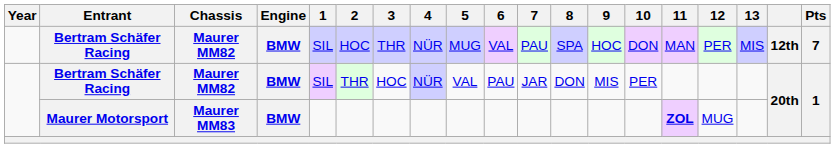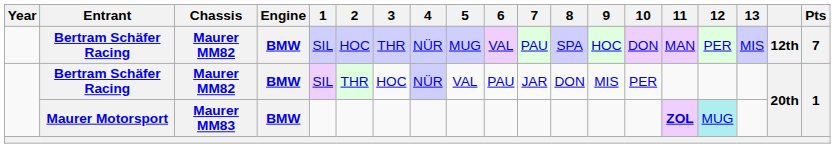 <table class="wikitable" style="text-align:center; font-size:90%">
 <tr>
 <th>Year</th>
 <th>Entrant</th>
 <th>Chassis</th>
 <th>Engine</th>
 <th>1</th>
 <th>2</th>
 <th>3</th>
 <th>4</th>
 <th>5</th>
 <th>6</th>
 <th>7</th>
 <th>8</th>
 <th>9</th>
 <th>10</th>
 <th>11</th>
 <th>12</th>
 <th>13</th>
 <th></th>
 <th>Pts</th>
 </tr>
 <tr>
 <td></td>
 <th><a href='#'>Bertram Schäfer Racing</a></th>
 <th><a href='#'>Maurer MM82</a></th>
 <th><a href='#'>BMW</a></th>
 <td style="background:#CFCFFF;"><a href='#'>SIL</a><br></td>
 <td style="background:#CFCFFF;"><a href='#'>HOC</a><br></td>
 <td style="background:#CFCFFF;"><a href='#'>THR</a><br></td>
 <td style="background:#CFCFFF;"><a href='#'>NÜR</a><br></td>
 <td style="background:#CFCFFF;"><a href='#'>MUG</a><br></td>
 <td style="background:#EFCFFF;"><a href='#'>VAL</a><br></td>
 <td style="background:#DFFFDF;"><a href='#'>PAU</a><br></td>
 <td style="background:#CFCFFF;"><a href='#'>SPA</a><br></td>
 <td style="background:#DFFFDF;"><a href='#'>HOC</a><br></td>
 <td style="background:#EFCFFF;"><a href='#'>DON</a><br></td>
 <td style="background:#EFCFFF;"><a href='#'>MAN</a><br></td>
 <td style="background:#DFFFDF;"><a href='#'>PER</a><br></td>
 <td style="background:#CFCFFF;"><a href='#'>MIS</a><br></td>
 <th>12th</th>
 <th>7</th>
 </tr>
 <tr>
 <td rowspan=2></td>
 <th><a href='#'>Bertram Schäfer Racing</a></th>
 <th><a href='#'>Maurer MM82</a></th>
 <th><a href='#'>BMW</a></th>
 <td style="background:#EFCFFF;"><a href='#'>SIL</a><br></td>
 <td style="background:#DFFFDF;"><a href='#'>THR</a><br></td>
 <td><a href='#'>HOC</a></td>
 <td style="background:#CFCFFF;"><a href='#'>NÜR</a><br></td>
 <td><a href='#'>VAL</a></td>
 <td><a href='#'>PAU</a></td>
 <td><a href='#'>JAR</a></td>
 <td><a href='#'>DON</a></td>
 <td><a href='#'>MIS</a></td>
 <td><a href='#'>PER</a></td>
 <td></td>
 <td></td>
 <td></td>
 <th rowspan=2>20th</th>
 <th rowspan=2>1</th>
 </tr>
 <tr>
 <th><a href='#'>Maurer Motorsport</a></th>
 <th><a href='#'>Maurer MM83</a></th>
 <th><a href='#'>BMW</a></th>
 <td></td>
 <td></td>
 <td></td>
 <td></td>
 <td></td>
 <td></td>
 <td></td>
 <td></td>
 <td></td>
 <td></td>
 <td style="background:#EFCFFF;"><strong><a href='#'>ZOL</a><br></strong></td>
-<td><a href='#'>MUG</a></td>
+<td style="background: paleturquoise;"><a href='#'>MUG</a></td>
 <td></td>
 </tr>
 <tr>
 <th colspan=19></th>
 </tr>
 </table>
